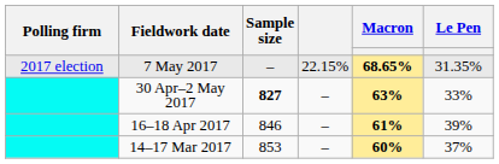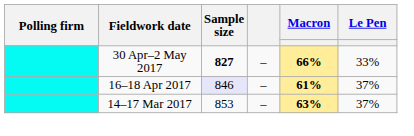 <table class="wikitable sortable" style="text-align:center;font-size:90%;line-height:14px;">
 <tr style="height:40px;">
 <th style="width:100px;" rowspan="2">Polling firm</th>
 <th style="width:110px;" rowspan="2">Fieldwork date</th>
 <th style="width:35px;" rowspan="2">Sample<br>size</th>
 <th style="width:30px;" rowspan="2"></th>
 <th class="unsortable" style="width:60px;"><a href='#'>Macron</a><br></th>
 <th class="unsortable" style="width:60px;"><a href='#'>Le Pen</a><br></th>
 </tr>
 <tr>
 <th style="background:"></th>
 <th style="background:"></th>
 </tr>
-<tr style="background:#E9E9E9;">
-<td><a href='#'>2017 election</a></td>
-<td data-sort-value="2017-05-07">7 May 2017</td>
-<td>–</td>
-<td>22.15%</td>
-<td style="background:#FFED99;"><strong>68.65%</strong></td>
-<td>31.35%</td>
-</tr>
 <tr>
 <td style="background:#04FBF4;"></td>
 <td data-sort-value="2017-05-02">30 Apr–2 May 2017</td>
 <td><strong>827</strong></td>
 <td>–</td>
-<td style="background:#FFED99;"><strong>63%</strong></td>
+<td style="background:#FFED99;"><strong>66%</strong></td>
 <td>33%</td>
 </tr>
 <tr>
 <td style="background:#04FBF4;"></td>
 <td data-sort-value="2017-04-18">16–18 Apr 2017</td>
-<td>846</td>
+<td style="background: lavender;">846</td>
 <td>–</td>
 <td style="background:#FFED99;"><strong>61%</strong></td>
-<td>39%</td>
+<td>37%</td>
 </tr>
 <tr>
 <td style="background:#04FBF4;"></td>
 <td data-sort-value="2017-03-17">14–17 Mar 2017</td>
 <td>853</td>
 <td>–</td>
-<td style="background:#FFED99;"><strong>60%</strong></td>
+<td style="background:#FFED99;"><strong>63%</strong></td>
 <td>37%</td>
 </tr>
 </table>
